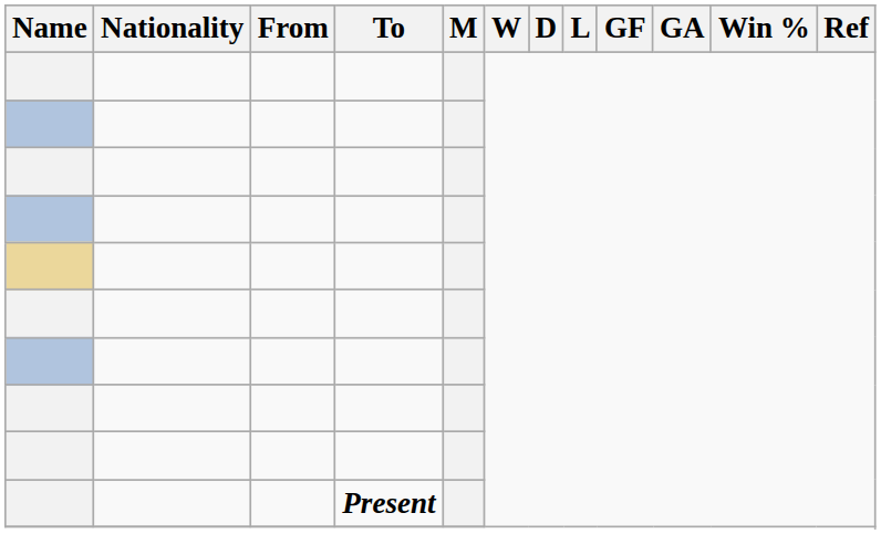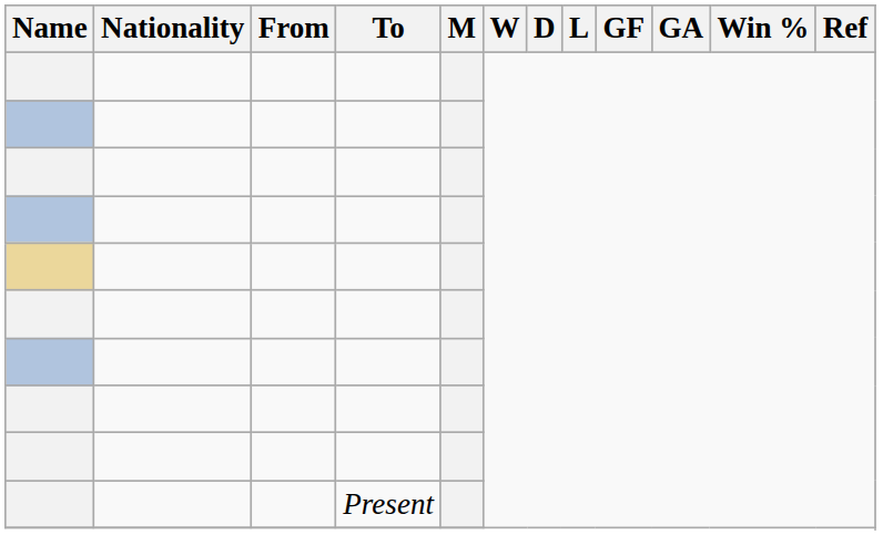 <table class="wikitable sortable" style="text-align:center">
 <tr>
 <th scope="col">Name</th>
 <th scope="col">Nationality</th>
 <th scope="col">From</th>
 <th scope="col">To</th>
 <th scope="col">M</th>
 <th scope="col">W</th>
 <th scope="col">D</th>
 <th scope="col">L</th>
 <th scope="col">GF</th>
 <th scope="col">GA</th>
 <th scope="col">Win %</th>
 <th scope="col" class="unsortable">Ref</th>
 </tr>
 <tr>
 <th scope=row style=text-align:left></th>
 <td align=left></td>
 <td align=left></td>
 <td align=left><br></td>
 <th></th>
 </tr>
 <tr>
 <th scope=row style="background:#B0C4DE;text-align:left"> </th>
 <td align=left></td>
 <td align=left></td>
 <td align=left><br></td>
 <th></th>
 </tr>
 <tr>
 <th scope=row style=text-align:left></th>
 <td align=left></td>
 <td align=left></td>
 <td align=left><br></td>
 <th></th>
 </tr>
 <tr>
 <th scope=row style="background:#B0C4DE;text-align:left"> </th>
 <td align=left></td>
 <td align=left></td>
 <td align=left><br></td>
 <th></th>
 </tr>
 <tr>
 <th scope=row style="background:#EBD79B;text-align:left"> </th>
 <td align=left></td>
 <td align=left></td>
 <td align=left><br></td>
 <th></th>
 </tr>
 <tr>
 <th scope=row style=text-align:left></th>
 <td align=left></td>
 <td align=left></td>
 <td align=left><br></td>
 <th></th>
 </tr>
 <tr>
 <th scope=row style="background:#B0C4DE;text-align:left"> </th>
 <td align=left></td>
 <td align=left></td>
 <td align=left><br></td>
 <th></th>
 </tr>
 <tr>
 <th scope=row style=text-align:left></th>
 <td align=left></td>
 <td align=left></td>
 <td align=left><br></td>
 <th></th>
 </tr>
 <tr>
 <th scope=row style=text-align:left></th>
 <td align=left></td>
 <td align=left></td>
 <td align=left><br></td>
 <th></th>
 </tr>
 <tr>
 <th scope=row style=text-align:left></th>
 <td align=left></td>
 <td align=left></td>
-<td align=left><strong><em>Present</em><br></strong></td>
+<td align=left><em>Present</em><br></td>
 <th></th>
 </tr>
 <tr>
 </tr>
 </table>
